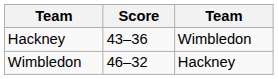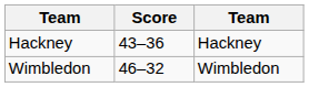 <table class="wikitable" style="font-size: 100%">
 <tr>
 <th width=100>Team</th>
 <th width=70>Score</th>
 <th width=100>Team</th>
 </tr>
 <tr>
 <td>Hackney</td>
 <td>43–36</td>
-<td>Wimbledon</td>
+<td>Hackney</td>
 </tr>
 <tr>
 <td>Wimbledon</td>
 <td>46–32</td>
-<td>Hackney</td>
+<td>Wimbledon</td>
 </tr>
 </table>
